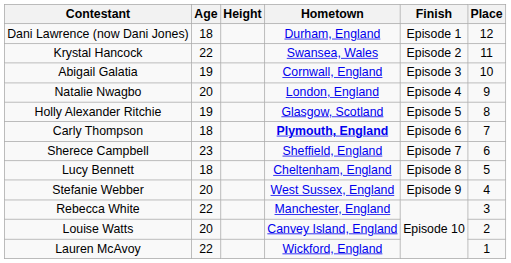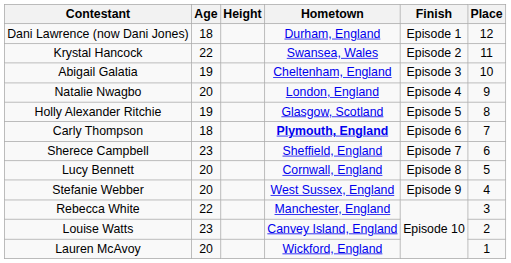 <table class="wikitable sortable" style="text-align:center;">
 <tr>
 <th>Contestant</th>
 <th>Age</th>
 <th>Height</th>
 <th>Hometown</th>
 <th>Finish</th>
 <th>Place</th>
 </tr>
 <tr>
 <td>Dani Lawrence (now Dani Jones)</td>
 <td>18</td>
 <td></td>
 <td><a href='#'>Durham, England</a></td>
 <td>Episode 1</td>
 <td>12</td>
 </tr>
 <tr>
 <td>Krystal Hancock</td>
 <td>22</td>
 <td></td>
 <td><a href='#'>Swansea, Wales</a></td>
 <td>Episode 2</td>
 <td>11</td>
 </tr>
 <tr>
 <td>Abigail Galatia</td>
 <td>19</td>
 <td></td>
-<td><a href='#'>Cornwall, England</a></td>
+<td><a href='#'>Cheltenham, England</a></td>
 <td>Episode 3</td>
 <td>10</td>
 </tr>
 <tr>
 <td>Natalie Nwagbo</td>
 <td>20</td>
 <td></td>
 <td><a href='#'>London, England</a></td>
 <td>Episode 4</td>
 <td>9</td>
 </tr>
 <tr>
 <td>Holly Alexander Ritchie</td>
 <td>19</td>
 <td></td>
 <td><a href='#'>Glasgow, Scotland</a></td>
 <td>Episode 5</td>
 <td>8</td>
 </tr>
 <tr>
 <td>Carly Thompson</td>
 <td>18</td>
 <td></td>
 <td><strong><a href='#'>Plymouth, England</a></strong></td>
 <td>Episode 6</td>
 <td>7</td>
 </tr>
 <tr>
 <td>Sherece Campbell</td>
 <td>23</td>
 <td></td>
 <td><a href='#'>Sheffield, England</a></td>
 <td>Episode 7</td>
 <td>6</td>
 </tr>
 <tr>
 <td>Lucy Bennett</td>
-<td>18</td>
+<td>20</td>
 <td></td>
-<td><a href='#'>Cheltenham, England</a></td>
+<td><a href='#'>Cornwall, England</a></td>
 <td>Episode 8</td>
 <td>5</td>
 </tr>
 <tr>
 <td>Stefanie Webber</td>
 <td>20</td>
 <td></td>
 <td><a href='#'>West Sussex, England</a></td>
 <td>Episode 9</td>
 <td>4</td>
 </tr>
 <tr>
 <td>Rebecca White</td>
 <td>22</td>
 <td></td>
 <td><a href='#'>Manchester, England</a></td>
 <td rowspan=3>Episode 10</td>
 <td>3</td>
 </tr>
 <tr>
 <td>Louise Watts</td>
-<td>20</td>
+<td>23</td>
 <td></td>
 <td><a href='#'>Canvey Island, England</a></td>
 <td>2</td>
 </tr>
 <tr>
 <td>Lauren McAvoy</td>
-<td>22</td>
+<td>20</td>
 <td></td>
 <td><a href='#'>Wickford, England</a></td>
 <td>1</td>
 </tr>
 </table>
